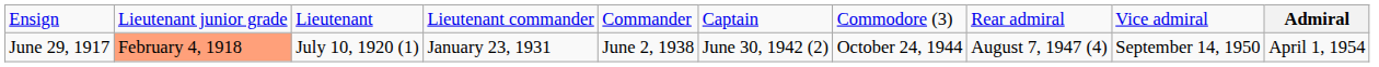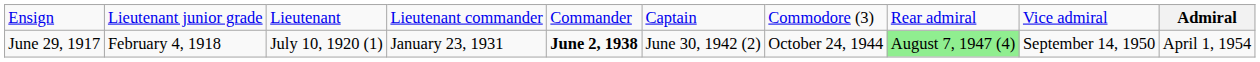 <table class="wikitable">
 <tr>
 <td><a href='#'>Ensign</a></td>
 <td><a href='#'>Lieutenant junior grade</a></td>
 <td><a href='#'>Lieutenant</a></td>
 <td><a href='#'>Lieutenant commander</a></td>
 <td><a href='#'>Commander</a></td>
 <td><a href='#'>Captain</a></td>
 <td><a href='#'>Commodore</a> (3)</td>
 <td><a href='#'>Rear admiral</a></td>
 <td><a href='#'>Vice admiral</a></td>
 <th>Admiral</th>
 </tr>
 <tr>
 <td>June 29, 1917</td>
-<td style="background: lightsalmon;">February 4, 1918</td>
+<td>February 4, 1918</td>
 <td>July 10, 1920 (1)</td>
 <td>January 23, 1931</td>
-<td>June 2, 1938</td>
+<td><strong>June 2, 1938</strong></td>
 <td>June 30, 1942 (2)</td>
 <td>October 24, 1944</td>
-<td>August 7, 1947 (4)</td>
+<td style="background: lightgreen;">August 7, 1947 (4)</td>
 <td>September 14, 1950</td>
 <td>April 1, 1954</td>
 </tr>
 </table>
